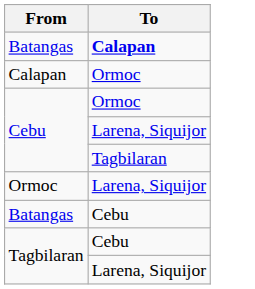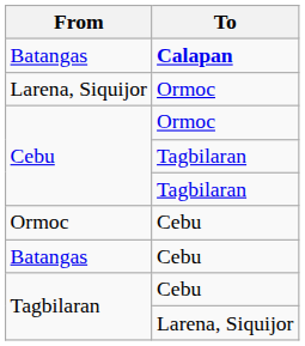 <table class="wikitable sortable sticky-header">
 <tr>
 <th><strong>From</strong></th>
 <th><strong>To</strong></th>
 </tr>
 <tr>
 <td><a href='#'>Batangas</a></td>
 <td><strong><a href='#'>Calapan</a></strong></td>
 </tr>
 <tr>
-<td>Calapan</td>
+<td>Larena, Siquijor</td>
 <td><a href='#'>Ormoc</a></td>
 </tr>
 <tr>
 <td rowspan="3"><a href='#'>Cebu</a></td>
 <td><a href='#'>Ormoc</a></td>
 </tr>
 <tr>
-<td><a href='#'>Larena, Siquijor</a></td>
+<td><a href='#'>Tagbilaran</a></td>
 </tr>
 <tr>
 <td><a href='#'>Tagbilaran</a></td>
 </tr>
 <tr>
 <td>Ormoc</td>
-<td><a href='#'>Larena, Siquijor</a></td>
+<td>Cebu</td>
 </tr>
 <tr>
 <td><a href='#'>Batangas</a></td>
 <td>Cebu</td>
 </tr>
 <tr>
 <td rowspan="2">Tagbilaran</td>
 <td>Cebu</td>
 </tr>
 <tr>
 <td>Larena, Siquijor</td>
 </tr>
 </table>
